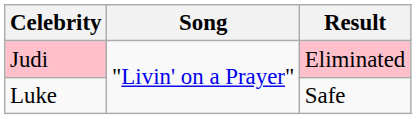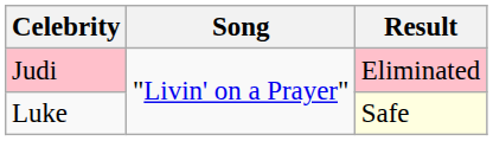 <table class="wikitable sortable collapsed">
 <tr>
 <th>Celebrity</th>
 <th>Song</th>
 <th>Result</th>
 </tr>
 <tr>
 <td style="background:pink;">Judi</td>
 <td rowspan=2>"<a href='#'>Livin' on a Prayer</a>"</td>
 <td style="background:pink;">Eliminated</td>
 </tr>
 <tr>
 <td>Luke</td>
-<td>Safe</td>
+<td style="background: lightyellow;">Safe</td>
 </tr>
 </table>
